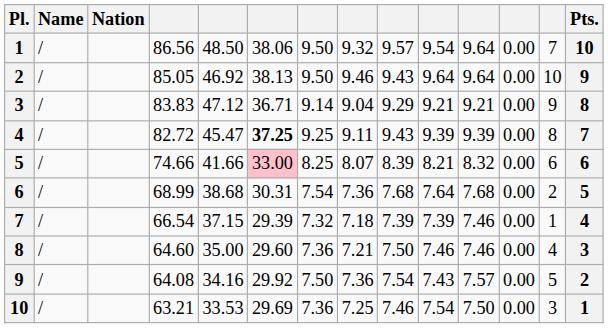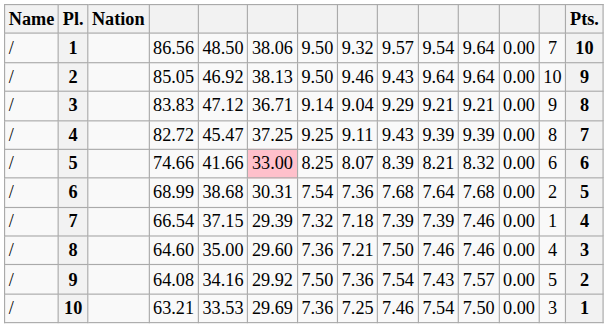 <table class="wikitable sortable" style="text-align:center">
 <tr>
+<th>Name</th>
 <th>Pl.</th>
-<th>Name</th>
 <th>Nation</th>
 <th></th>
 <th></th>
 <th></th>
 <th></th>
 <th></th>
 <th></th>
 <th></th>
 <th></th>
 <th></th>
 <th></th>
 <th>Pts.</th>
 </tr>
 <tr>
+<td align="left"> / </td>
 <th>1</th>
-<td align="left"> / </td>
 <td align="left"></td>
 <td>86.56</td>
 <td>48.50</td>
 <td>38.06</td>
 <td>9.50</td>
 <td>9.32</td>
 <td>9.57</td>
 <td>9.54</td>
 <td>9.64</td>
 <td>0.00</td>
 <td>7</td>
 <th>10</th>
 </tr>
 <tr>
+<td align="left"> / </td>
 <th>2</th>
-<td align="left"> / </td>
 <td align="left"></td>
 <td>85.05</td>
 <td>46.92</td>
 <td>38.13</td>
 <td>9.50</td>
 <td>9.46</td>
 <td>9.43</td>
 <td>9.64</td>
 <td>9.64</td>
 <td>0.00</td>
 <td>10</td>
 <th>9</th>
 </tr>
 <tr>
+<td align="left"> / </td>
 <th>3</th>
-<td align="left"> / </td>
 <td align="left"></td>
 <td>83.83</td>
 <td>47.12</td>
 <td>36.71</td>
 <td>9.14</td>
 <td>9.04</td>
 <td>9.29</td>
 <td>9.21</td>
 <td>9.21</td>
 <td>0.00</td>
 <td>9</td>
 <th>8</th>
 </tr>
 <tr>
+<td align="left"> / </td>
 <th>4</th>
-<td align="left"> / </td>
 <td align="left"></td>
 <td>82.72</td>
 <td>45.47</td>
-<td><strong>37.25</strong></td>
+<td>37.25</td>
 <td>9.25</td>
 <td>9.11</td>
 <td>9.43</td>
 <td>9.39</td>
 <td>9.39</td>
 <td>0.00</td>
 <td>8</td>
 <th>7</th>
 </tr>
 <tr>
+<td align="left"> / </td>
 <th>5</th>
-<td align="left"> / </td>
 <td align="left"></td>
 <td>74.66</td>
 <td>41.66</td>
 <td style="background: pink;">33.00</td>
 <td>8.25</td>
 <td>8.07</td>
 <td>8.39</td>
 <td>8.21</td>
 <td>8.32</td>
 <td>0.00</td>
 <td>6</td>
 <th>6</th>
 </tr>
 <tr>
+<td align="left"> / </td>
 <th>6</th>
-<td align="left"> / </td>
 <td align="left"></td>
 <td>68.99</td>
 <td>38.68</td>
 <td>30.31</td>
 <td>7.54</td>
 <td>7.36</td>
 <td>7.68</td>
 <td>7.64</td>
 <td>7.68</td>
 <td>0.00</td>
 <td>2</td>
 <th>5</th>
 </tr>
 <tr>
+<td align="left"> / </td>
 <th>7</th>
-<td align="left"> / </td>
 <td align="left"></td>
 <td>66.54</td>
 <td>37.15</td>
 <td>29.39</td>
 <td>7.32</td>
 <td>7.18</td>
 <td>7.39</td>
 <td>7.39</td>
 <td>7.46</td>
 <td>0.00</td>
 <td>1</td>
 <th>4</th>
 </tr>
 <tr>
+<td align="left"> / </td>
 <th>8</th>
-<td align="left"> / </td>
 <td align="left"></td>
 <td>64.60</td>
 <td>35.00</td>
 <td>29.60</td>
 <td>7.36</td>
 <td>7.21</td>
 <td>7.50</td>
 <td>7.46</td>
 <td>7.46</td>
 <td>0.00</td>
 <td>4</td>
 <th>3</th>
 </tr>
 <tr>
+<td align="left"> / </td>
 <th>9</th>
-<td align="left"> / </td>
 <td align="left"></td>
 <td>64.08</td>
 <td>34.16</td>
 <td>29.92</td>
 <td>7.50</td>
 <td>7.36</td>
 <td>7.54</td>
 <td>7.43</td>
 <td>7.57</td>
 <td>0.00</td>
 <td>5</td>
 <th>2</th>
 </tr>
 <tr>
+<td align="left"> / </td>
 <th>10</th>
-<td align="left"> / </td>
 <td align="left"></td>
 <td>63.21</td>
 <td>33.53</td>
 <td>29.69</td>
 <td>7.36</td>
 <td>7.25</td>
 <td>7.46</td>
 <td>7.54</td>
 <td>7.50</td>
 <td>0.00</td>
 <td>3</td>
 <th>1</th>
 </tr>
 </table>
